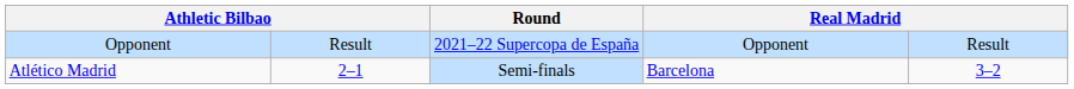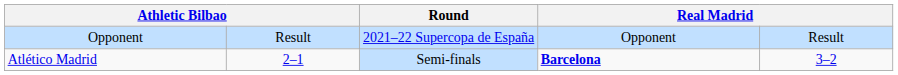 <table class="wikitable" style="text-align:center; white-space:nowrap;">
 <tr>
 <th colspan="2"><a href='#'>Athletic Bilbao</a></th>
 <th>Round</th>
 <th colspan="2"><a href='#'>Real Madrid</a></th>
 </tr>
 <tr style="background:#C1E0FF;">
 <td style="width:25%;">Opponent</td>
 <td style="width:15%;">Result</td>
 <td><a href='#'>2021–22 Supercopa de España</a></td>
 <td style="width:25%;">Opponent</td>
 <td style="width:15%;">Result</td>
 </tr>
 <tr>
 <td style="text-align:left;"><a href='#'>Atlético Madrid</a></td>
 <td><a href='#'>2–1</a></td>
 <td style="background:#C1E0FF;">Semi-finals</td>
-<td style="text-align:left;"><a href='#'>Barcelona</a></td>
+<td style="text-align:left;"><strong><a href='#'>Barcelona</a></strong></td>
 <td><a href='#'>3–2</a> </td>
 </tr>
 </table>
